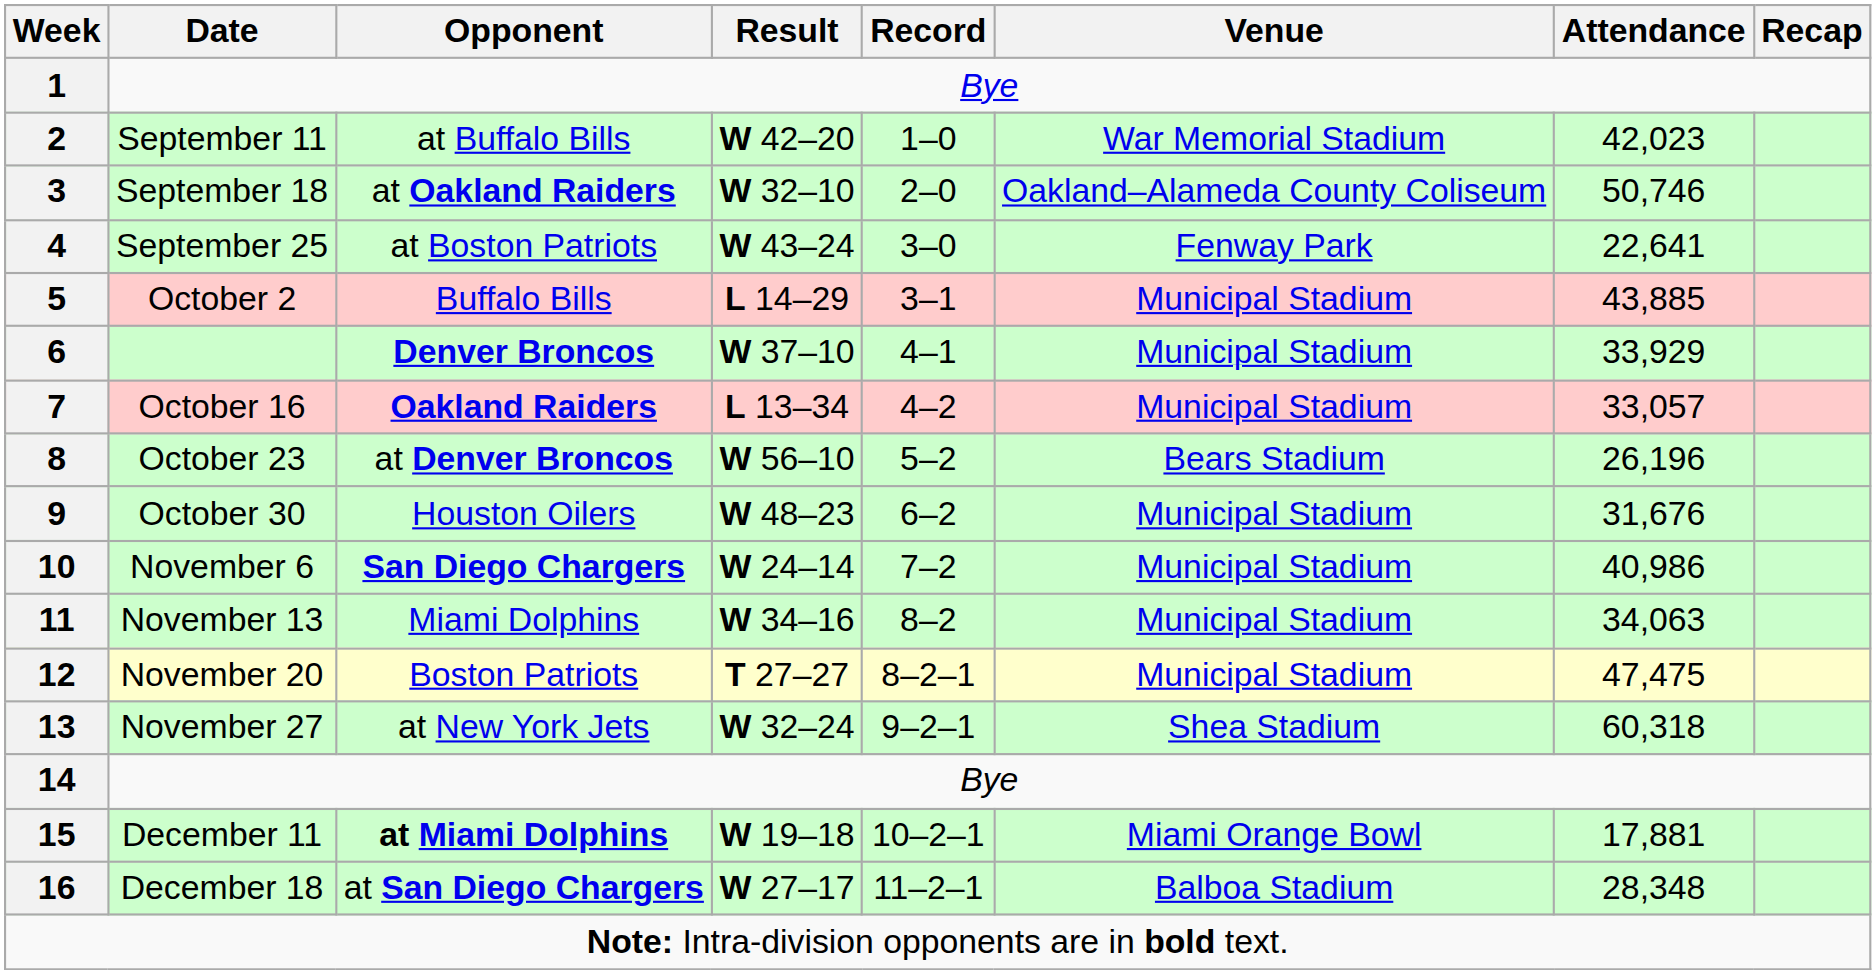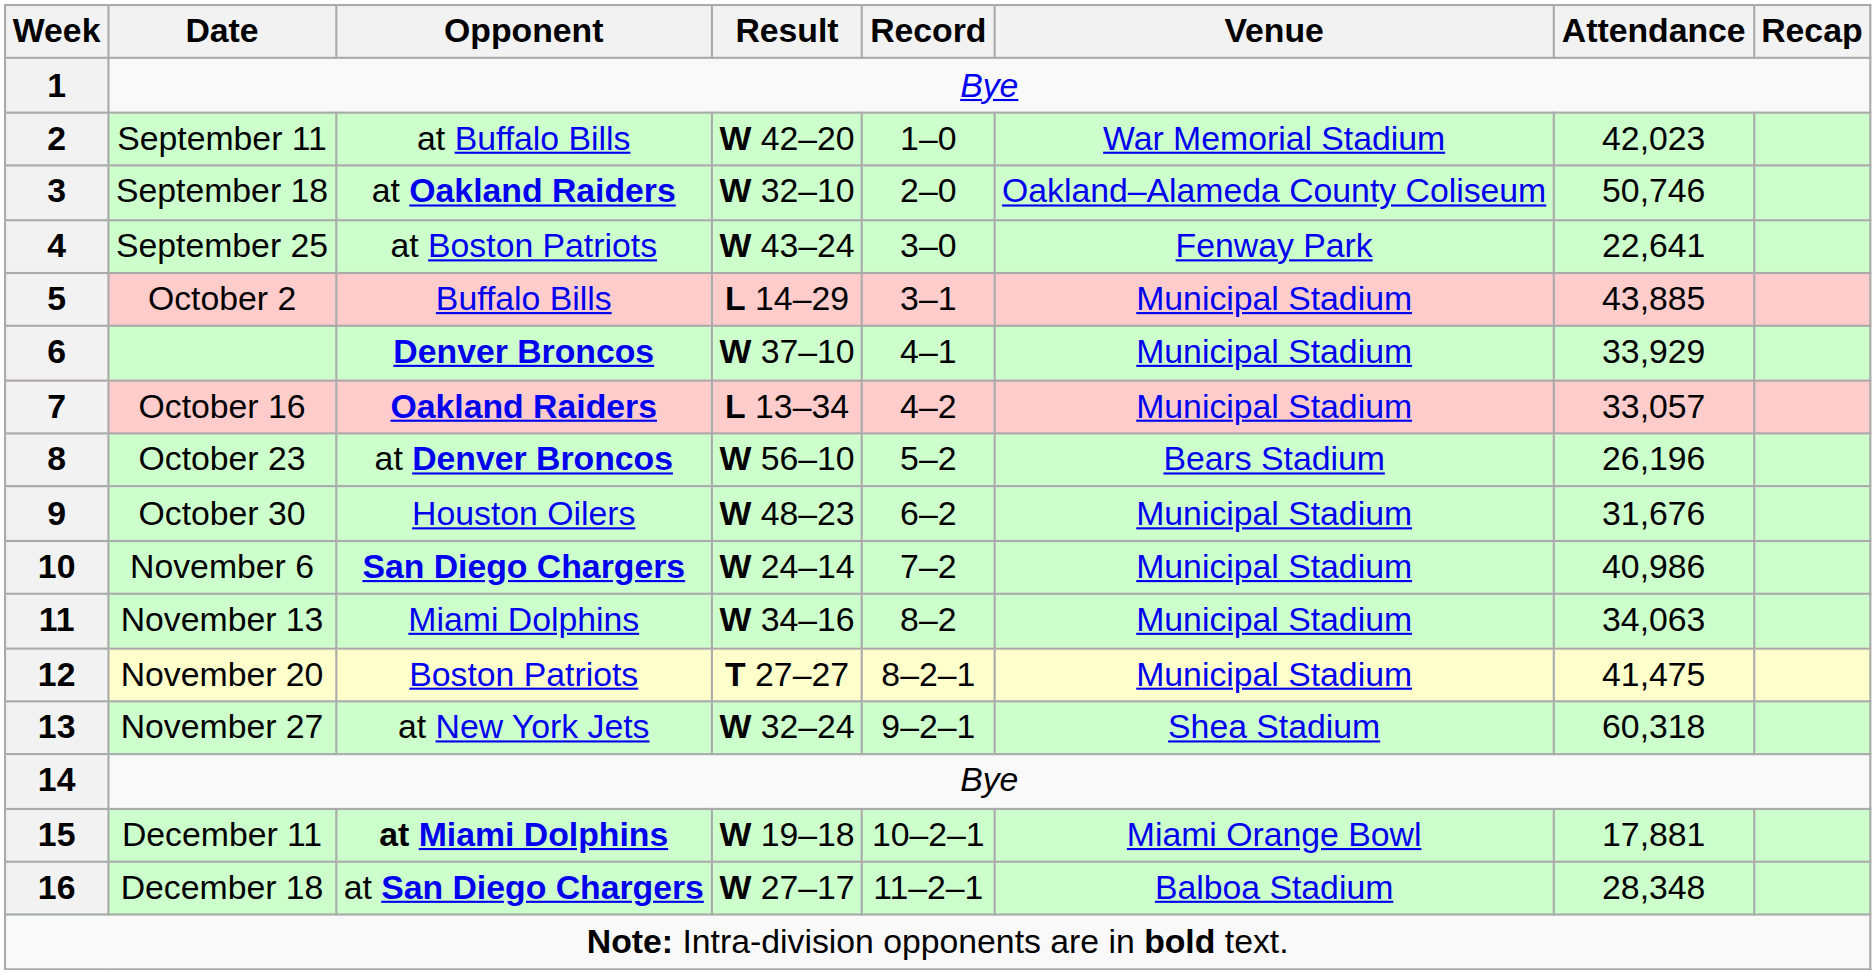 <table class="wikitable" style="text-align:center">
 <tr>
 <th>Week</th>
 <th>Date</th>
 <th>Opponent</th>
 <th>Result</th>
 <th>Record</th>
 <th>Venue</th>
 <th>Attendance</th>
 <th>Recap</th>
 </tr>
 <tr>
 <th>1</th>
 <td colspan="7" align="center"><em><a href='#'>Bye</a></em></td>
 </tr>
 <tr style="background:#cfc">
 <th>2</th>
 <td>September 11</td>
 <td>at <a href='#'>Buffalo Bills</a></td>
 <td><strong>W</strong> 42–20</td>
 <td>1–0</td>
 <td><a href='#'>War Memorial Stadium</a></td>
 <td>42,023</td>
 <td></td>
 </tr>
 <tr style="background:#cfc">
 <th>3</th>
 <td>September 18</td>
 <td>at <strong><a href='#'>Oakland Raiders</a></strong></td>
 <td><strong>W</strong> 32–10</td>
 <td>2–0</td>
 <td><a href='#'>Oakland–Alameda County Coliseum</a></td>
 <td>50,746</td>
 <td></td>
 </tr>
 <tr style="background:#cfc">
 <th>4</th>
 <td>September 25</td>
 <td>at <a href='#'>Boston Patriots</a></td>
 <td><strong>W</strong> 43–24</td>
 <td>3–0</td>
 <td><a href='#'>Fenway Park</a></td>
 <td>22,641</td>
 <td></td>
 </tr>
 <tr style="background:#fcc">
 <th>5</th>
 <td>October 2</td>
 <td><a href='#'>Buffalo Bills</a></td>
 <td><strong>L</strong> 14–29</td>
 <td>3–1</td>
 <td><a href='#'>Municipal Stadium</a></td>
 <td>43,885</td>
 <td></td>
 </tr>
 <tr style="background:#cfc">
 <th>6</th>
 <td></td>
 <td><strong><a href='#'>Denver Broncos</a></strong></td>
 <td><strong>W</strong> 37–10</td>
 <td>4–1</td>
 <td><a href='#'>Municipal Stadium</a></td>
 <td>33,929</td>
 <td></td>
 </tr>
 <tr style="background:#fcc">
 <th>7</th>
 <td>October 16</td>
 <td><strong><a href='#'>Oakland Raiders</a></strong></td>
 <td><strong>L</strong> 13–34</td>
 <td>4–2</td>
 <td><a href='#'>Municipal Stadium</a></td>
 <td>33,057</td>
 <td></td>
 </tr>
 <tr style="background:#cfc">
 <th>8</th>
 <td>October 23</td>
 <td>at <strong><a href='#'>Denver Broncos</a></strong></td>
 <td><strong>W</strong> 56–10</td>
 <td>5–2</td>
 <td><a href='#'>Bears Stadium</a></td>
 <td>26,196</td>
 <td></td>
 </tr>
 <tr style="background:#cfc">
 <th>9</th>
 <td>October 30</td>
 <td><a href='#'>Houston Oilers</a></td>
 <td><strong>W</strong> 48–23</td>
 <td>6–2</td>
 <td><a href='#'>Municipal Stadium</a></td>
 <td>31,676</td>
 <td></td>
 </tr>
 <tr style="background:#cfc">
 <th>10</th>
 <td>November 6</td>
 <td><strong><a href='#'>San Diego Chargers</a></strong></td>
 <td><strong>W</strong> 24–14</td>
 <td>7–2</td>
 <td><a href='#'>Municipal Stadium</a></td>
 <td>40,986</td>
 <td></td>
 </tr>
 <tr style="background:#cfc">
 <th>11</th>
 <td>November 13</td>
 <td><a href='#'>Miami Dolphins</a></td>
 <td><strong>W</strong> 34–16</td>
 <td>8–2</td>
 <td><a href='#'>Municipal Stadium</a></td>
 <td>34,063</td>
 <td></td>
 </tr>
 <tr style="background:#ffc">
 <th>12</th>
 <td>November 20</td>
 <td><a href='#'>Boston Patriots</a></td>
 <td><strong>T</strong> 27–27</td>
 <td>8–2–1</td>
 <td><a href='#'>Municipal Stadium</a></td>
-<td>47,475</td>
+<td>41,475</td>
 <td></td>
 </tr>
 <tr style="background:#cfc">
 <th>13</th>
 <td>November 27</td>
 <td>at <a href='#'>New York Jets</a></td>
 <td><strong>W</strong> 32–24</td>
 <td>9–2–1</td>
 <td><a href='#'>Shea Stadium</a></td>
 <td>60,318</td>
 <td></td>
 </tr>
 <tr>
 <th>14</th>
 <td colspan="7"><em>Bye</em></td>
 </tr>
 <tr style="background:#cfc">
 <th>15</th>
 <td>December 11</td>
 <td><strong>at <a href='#'>Miami Dolphins</a></strong></td>
 <td><strong>W</strong> 19–18</td>
 <td>10–2–1</td>
 <td><a href='#'>Miami Orange Bowl</a></td>
 <td>17,881</td>
 <td></td>
 </tr>
 <tr style="background:#cfc">
 <th>16</th>
 <td>December 18</td>
 <td>at <strong><a href='#'>San Diego Chargers</a></strong></td>
 <td><strong>W</strong> 27–17</td>
 <td>11–2–1</td>
 <td><a href='#'>Balboa Stadium</a></td>
 <td>28,348</td>
 <td></td>
 </tr>
 <tr>
 <td colspan="8"><strong>Note:</strong> Intra-division opponents are in <strong>bold</strong> text.</td>
 </tr>
 </table>
